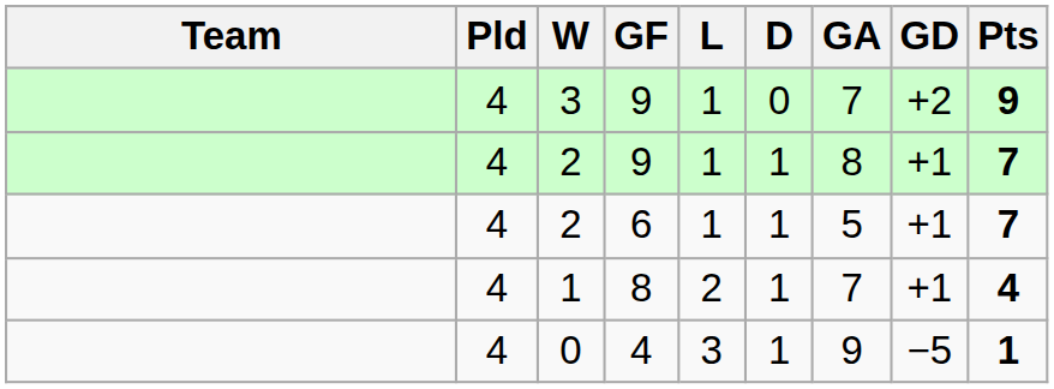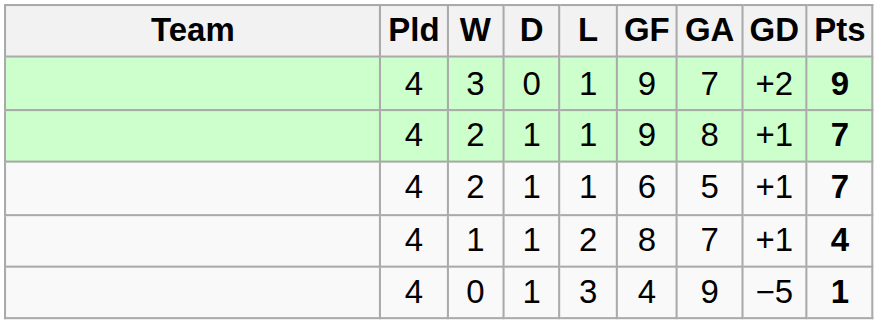 <table class="wikitable" style="text-align:center;">
 <tr>
 <th width=175>Team</th>
 <th width=20>Pld</th>
 <th width=20>W</th>
+<th width=20>D</th>
+<th width=20>L</th>
 <th width=20>GF</th>
-<th width=20>L</th>
-<th width=20>D</th>
 <th width=20>GA</th>
 <th width=20>GD</th>
 <th width=20>Pts</th>
 </tr>
 <tr style="background:#ccffcc;">
 <td style="text-align:left;"></td>
 <td>4</td>
 <td>3</td>
+<td>0</td>
+<td>1</td>
 <td>9</td>
-<td>1</td>
-<td>0</td>
 <td>7</td>
 <td>+2</td>
 <td><strong>9</strong></td>
 </tr>
 <tr style="background:#ccffcc;">
 <td style="text-align:left;"></td>
 <td>4</td>
 <td>2</td>
-<td>9</td>
 <td>1</td>
 <td>1</td>
+<td>9</td>
 <td>8</td>
 <td>+1</td>
 <td><strong>7</strong></td>
 </tr>
 <tr>
 <td style="text-align:left;"></td>
 <td>4</td>
 <td>2</td>
-<td>6</td>
 <td>1</td>
 <td>1</td>
+<td>6</td>
 <td>5</td>
 <td>+1</td>
 <td><strong>7</strong></td>
 </tr>
 <tr>
 <td style="text-align:left;"></td>
 <td>4</td>
 <td>1</td>
+<td>1</td>
+<td>2</td>
 <td>8</td>
-<td>2</td>
-<td>1</td>
 <td>7</td>
 <td>+1</td>
 <td><strong>4</strong></td>
 </tr>
 <tr>
 <td style="text-align:left;"></td>
 <td>4</td>
 <td>0</td>
+<td>1</td>
+<td>3</td>
 <td>4</td>
-<td>3</td>
-<td>1</td>
 <td>9</td>
 <td>−5</td>
 <td><strong>1</strong></td>
 </tr>
 </table>
